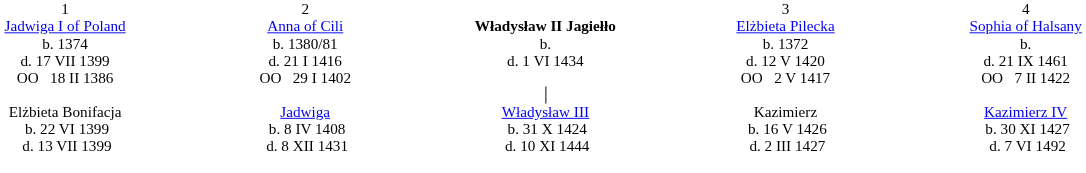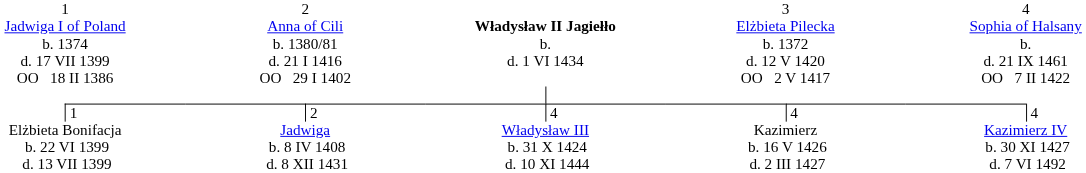 <table style="width:100%; text-align:center; vertical-align:top;" cellspacing="0" cellpadding="0">
 <tr style="vertical-align:top;">
 <td colspan="2">1<br> <a href='#'>Jadwiga I of Poland</a><br>b. 1374 <br>d. 17 VII 1399 <br><span>OO</span>   18 II 1386</td>
 <td colspan="2">2<br> <a href='#'>Anna of Cili</a><br>b. 1380/81 <br>d. 21 I 1416 <br><span>OO</span>   29 I 1402</td>
 <td colspan="2" style="vertical-align:middle;"><strong>Władysław II Jagiełło</strong><br>b.  <br>d. 1 VI 1434</td>
 <td colspan="2">3<br> <a href='#'>Elżbieta Pilecka</a><br>b. 1372 <br>d. 12 V 1420 <br><span>OO</span>   2 V 1417</td>
 <td colspan="2">4<br> <a href='#'>Sophia of Halsany</a><br>b.  <br>d. 21 IX 1461 <br><span>OO</span>   7 II 1422</td>
 </tr>
 <tr>
 <td style="width:10%;"> </td>
 <td style="width:10%;"> </td>
 <td style="width:10%;"> </td>
 <td style="width:10%;"> </td>
 <td style="width:10%;"> </td>
 <td style="width:10%;border-left:1px solid black;"> </td>
 <td style="width:10%;"> </td>
 <td style="width:10%;"> </td>
 <td style="width:10%;"> </td>
 <td style="width:10%;"> </td>
 </tr>
+<tr style="text-align:left;">
+<td style="width:10%;"> </td>
+<td style="width:10%;border-left:1px solid black;border-top:1px solid black;"> 1</td>
+<td style="width:10%;border-top:1px solid black;"> </td>
+<td style="width:10%;border-left:1px solid black;border-top:1px solid black;"> 2</td>
+<td style="width:10%;border-top:1px solid black;"> </td>
+<td style="width:10%;border-left:1px solid black;border-top:1px solid black;"> 4</td>
+<td style="width:10%;border-top:1px solid black;"> </td>
+<td style="width:10%;border-left:1px solid black;border-top:1px solid black;"> 4</td>
+<td style="width:10%;border-top:1px solid black;"> </td>
+<td style="width:10%;border-left:1px solid black;"> 4</td>
+</tr>
 <tr style="vertical-align:top;">
 <td colspan="2">Elżbieta Bonifacja <br> b. 22 VI 1399 <br> d. 13 VII 1399 <br> </td>
 <td colspan="2"><a href='#'>Jadwiga</a> <br> b. 8 IV 1408 <br> d. 8 XII 1431 <br> </td>
 <td colspan="2"><a href='#'>Władysław III</a> <br> b. 31 X 1424 <br> d. 10 XI 1444 <br> </td>
 <td colspan="2">Kazimierz <br> b. 16 V 1426 <br> d. 2 III 1427 <br> </td>
 <td colspan="2"><a href='#'>Kazimierz IV</a> <br> b. 30 XI 1427 <br> d. 7 VI 1492 <br> </td>
 </tr>
 <tr>
 </tr>
 </table>
